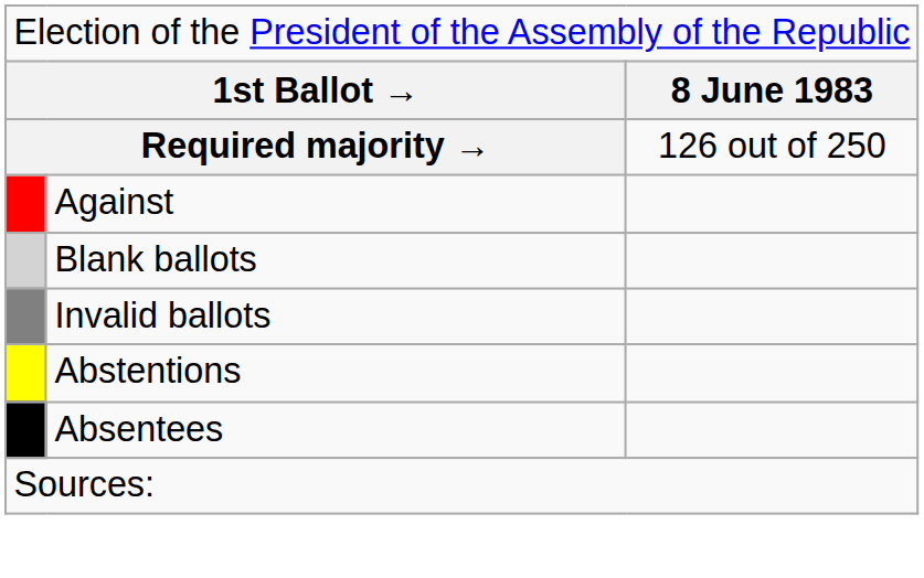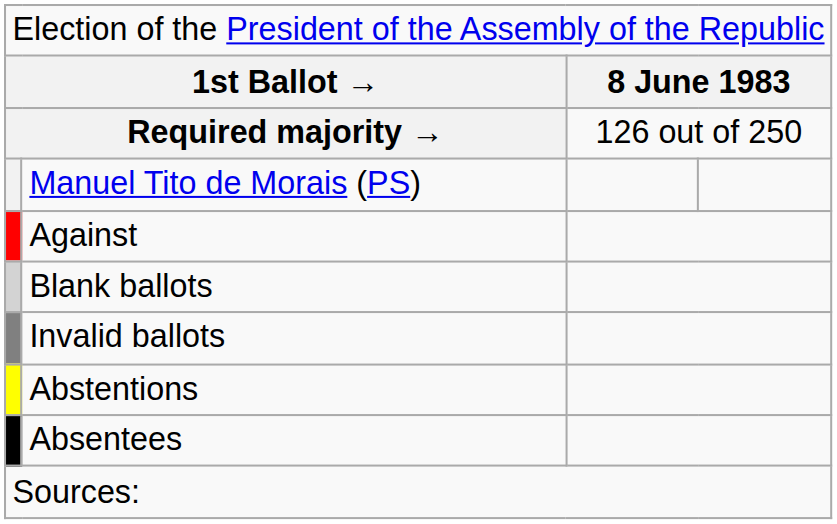 <table class="wikitable" style="text-align:center;">
 <tr>
 <td colspan="4" align="center">Election of the <a href='#'>President of the Assembly of the Republic</a></td>
 </tr>
 <tr>
 <th colspan="2" width="225px">1st Ballot →</th>
 <th colspan="2">8 June 1983</th>
 </tr>
 <tr>
 <th colspan="2">Required majority →</th>
 <td colspan="2">126 out of 250</td>
+</tr>
+<tr>
+<th width="1px" style="background:"></th>
+<td align="left"><a href='#'>Manuel Tito de Morais</a> (<a href='#'>PS</a>)</td>
+<td></td>
+<td></td>
 </tr>
 <tr>
 <th style="background:red;"></th>
 <td align="left">Against</td>
 <td colspan="2"></td>
 </tr>
 <tr>
 <th style="background:lightgray;"></th>
 <td align="left">Blank ballots</td>
 <td colspan="2"></td>
 </tr>
 <tr>
 <th style="background:gray;"></th>
 <td align="left">Invalid ballots</td>
 <td colspan="2"></td>
 </tr>
 <tr>
 <th style="background:yellow;"></th>
 <td align="left">Abstentions</td>
 <td colspan="2"></td>
 </tr>
 <tr>
 <th style="background:black;"></th>
 <td align="left">Absentees</td>
 <td colspan="2"></td>
 </tr>
 <tr>
 <td align="left" colspan="4">Sources:</td>
 </tr>
 </table>
